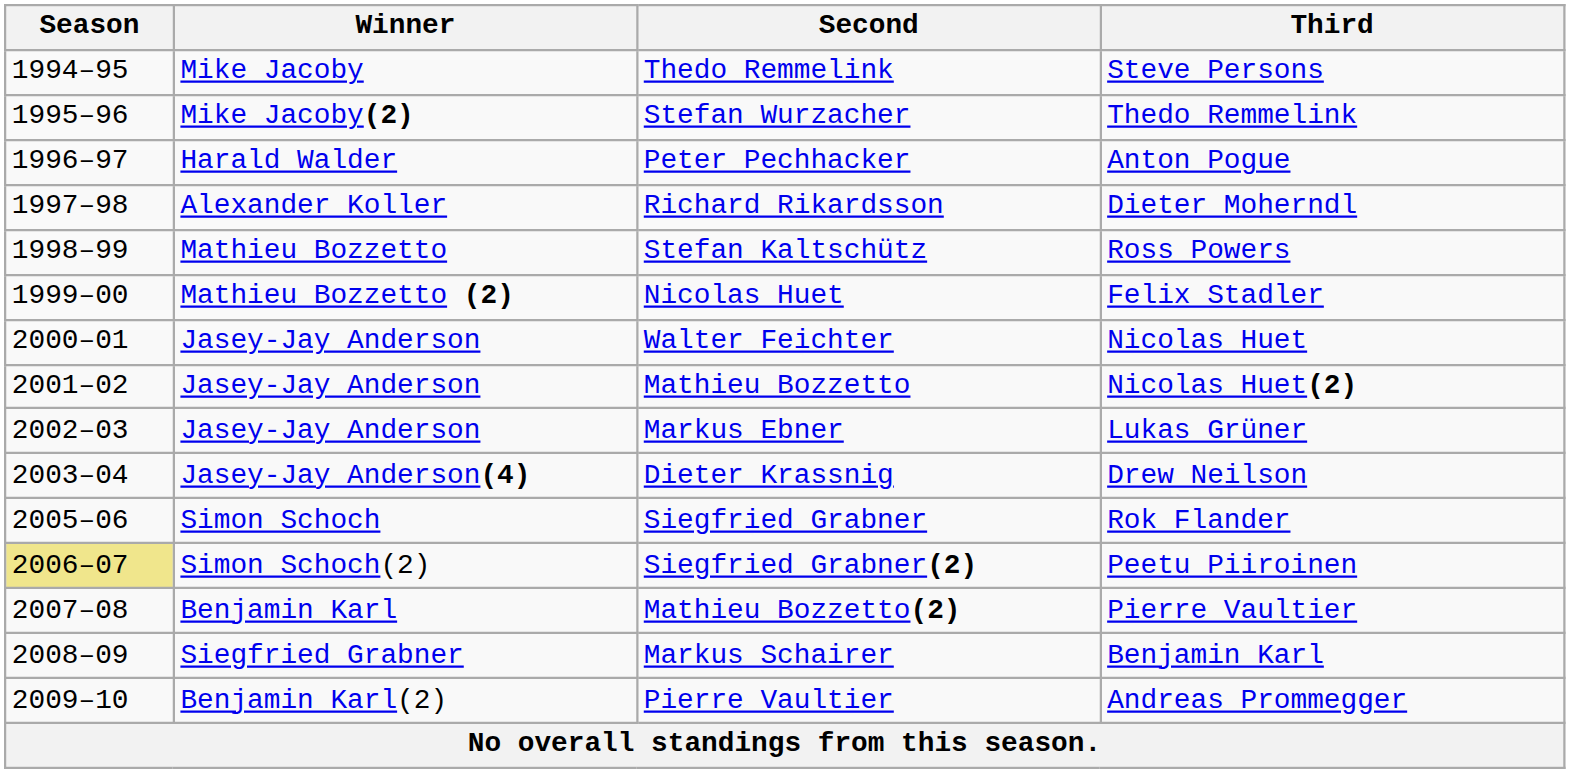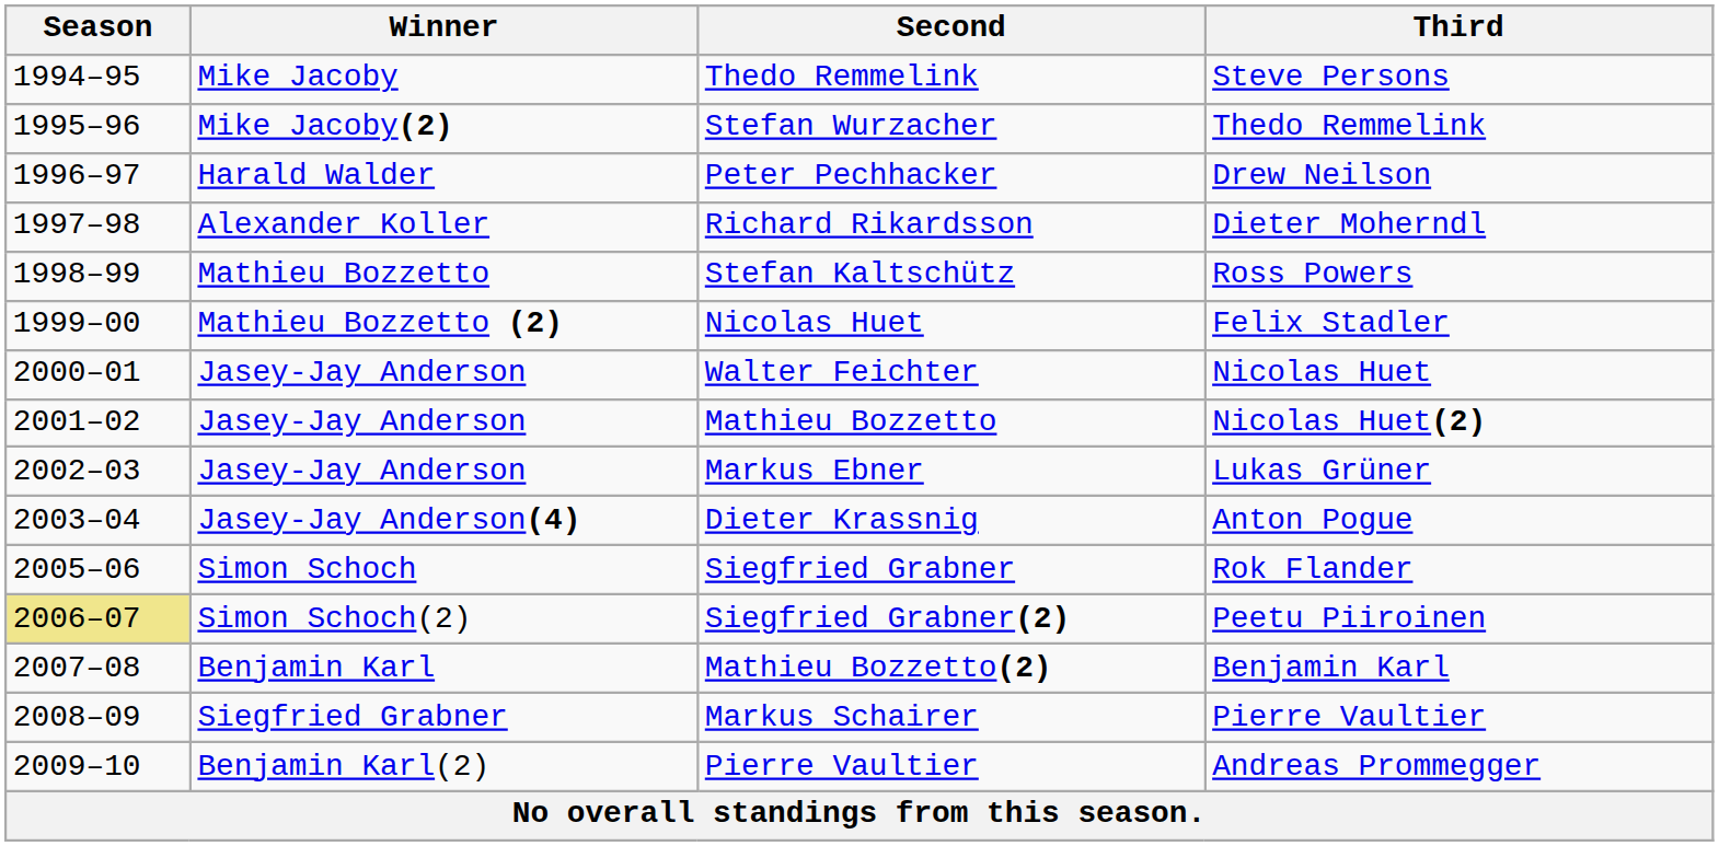 <table class="wikitable" style="font-size:95%;">
 <tr>
 <th width="69">Season</th>
 <th width="200">Winner</th>
 <th width="200">Second</th>
 <th width="200">Third</th>
 </tr>
 <tr>
 <td>1994–95</td>
 <td> <a href='#'>Mike Jacoby</a></td>
 <td> <a href='#'>Thedo Remmelink</a></td>
 <td> <a href='#'>Steve Persons</a></td>
 </tr>
 <tr>
 <td>1995–96</td>
 <td> <a href='#'>Mike Jacoby</a><strong>(2)</strong></td>
 <td> <a href='#'>Stefan Wurzacher</a></td>
 <td> <a href='#'>Thedo Remmelink</a></td>
 </tr>
 <tr>
 <td>1996–97</td>
 <td> <a href='#'>Harald Walder</a></td>
 <td> <a href='#'>Peter Pechhacker</a></td>
-<td> <a href='#'>Anton Pogue</a></td>
+<td> <a href='#'>Drew Neilson</a></td>
 </tr>
 <tr>
 <td>1997–98</td>
 <td> <a href='#'>Alexander Koller</a></td>
 <td> <a href='#'>Richard Rikardsson</a></td>
 <td> <a href='#'>Dieter Moherndl</a></td>
 </tr>
 <tr>
 <td>1998–99</td>
 <td> <a href='#'>Mathieu Bozzetto</a></td>
 <td> <a href='#'>Stefan Kaltschütz</a></td>
 <td> <a href='#'>Ross Powers</a></td>
 </tr>
 <tr>
 <td>1999–00</td>
 <td> <a href='#'>Mathieu Bozzetto</a> <strong>(2)</strong></td>
 <td> <a href='#'>Nicolas Huet</a></td>
 <td> <a href='#'>Felix Stadler</a></td>
 </tr>
 <tr>
 <td>2000–01</td>
 <td> <a href='#'>Jasey-Jay Anderson</a></td>
 <td> <a href='#'>Walter Feichter</a></td>
 <td> <a href='#'>Nicolas Huet</a></td>
 </tr>
 <tr>
 <td>2001–02</td>
 <td> <a href='#'>Jasey-Jay Anderson</a></td>
 <td> <a href='#'>Mathieu Bozzetto</a></td>
 <td> <a href='#'>Nicolas Huet</a><strong>(2)</strong></td>
 </tr>
 <tr>
 <td>2002–03</td>
 <td> <a href='#'>Jasey-Jay Anderson</a></td>
 <td> <a href='#'>Markus Ebner</a></td>
 <td> <a href='#'>Lukas Grüner</a></td>
 </tr>
 <tr>
 <td>2003–04</td>
 <td> <a href='#'>Jasey-Jay Anderson</a><strong>(4)</strong></td>
 <td> <a href='#'>Dieter Krassnig</a></td>
-<td> <a href='#'>Drew Neilson</a></td>
+<td> <a href='#'>Anton Pogue</a></td>
 </tr>
 <tr>
 <td>2005–06</td>
 <td> <a href='#'>Simon Schoch</a></td>
 <td> <a href='#'>Siegfried Grabner</a></td>
 <td> <a href='#'>Rok Flander</a></td>
 </tr>
 <tr>
 <td style="background: khaki;">2006–07</td>
 <td> <a href='#'>Simon Schoch</a>(2)</td>
 <td> <a href='#'>Siegfried Grabner</a><strong>(2)</strong></td>
 <td> <a href='#'>Peetu Piiroinen</a></td>
 </tr>
 <tr>
 <td>2007–08</td>
 <td> <a href='#'>Benjamin Karl</a></td>
 <td> <a href='#'>Mathieu Bozzetto</a><strong>(2)</strong></td>
-<td> <a href='#'>Pierre Vaultier</a></td>
+<td> <a href='#'>Benjamin Karl</a></td>
 </tr>
 <tr>
 <td>2008–09</td>
 <td> <a href='#'>Siegfried Grabner</a></td>
 <td> <a href='#'>Markus Schairer</a></td>
-<td> <a href='#'>Benjamin Karl</a></td>
+<td> <a href='#'>Pierre Vaultier</a></td>
 </tr>
 <tr>
 <td>2009–10</td>
 <td> <a href='#'>Benjamin Karl</a>(2)</td>
 <td> <a href='#'>Pierre Vaultier</a></td>
 <td> <a href='#'>Andreas Prommegger</a></td>
 </tr>
 <tr>
 <th colspan=4>No overall standings from this season.</th>
 </tr>
 </table>
